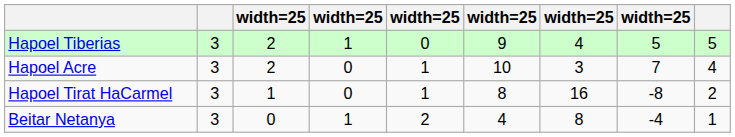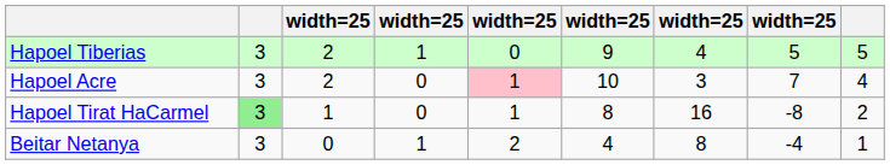 <table class="wikitable" style="text-align: center; font-size: 90%;">
 <tr>
 <th width=165></th>
 <th width=25></th>
 <th>width=25</th>
 <th>width=25</th>
 <th>width=25</th>
 <th>width=25</th>
 <th>width=25</th>
 <th>width=25</th>
 <th width=25></th>
 </tr>
 <tr bgcolor="#ccffcc">
 <td align="left"><a href='#'>Hapoel Tiberias</a></td>
 <td>3</td>
 <td>2</td>
 <td>1</td>
 <td>0</td>
 <td>9</td>
 <td>4</td>
 <td>5</td>
 <td>5</td>
 </tr>
 <tr>
 <td align="left"><a href='#'>Hapoel Acre</a></td>
 <td>3</td>
 <td>2</td>
 <td>0</td>
-<td>1</td>
+<td style="background: pink;">1</td>
 <td>10</td>
 <td>3</td>
 <td>7</td>
 <td>4</td>
 </tr>
 <tr>
 <td align="left"><a href='#'>Hapoel Tirat HaCarmel</a></td>
-<td>3</td>
+<td style="background: lightgreen;">3</td>
 <td>1</td>
 <td>0</td>
 <td>1</td>
 <td>8</td>
 <td>16</td>
 <td>-8</td>
 <td>2</td>
 </tr>
 <tr>
 <td align="left"><a href='#'>Beitar Netanya</a></td>
 <td>3</td>
 <td>0</td>
 <td>1</td>
 <td>2</td>
 <td>4</td>
 <td>8</td>
 <td>-4</td>
 <td>1</td>
 </tr>
 </table>
